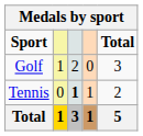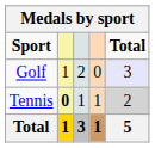 <table class="wikitable" style="font-size:85%; float:right;">
 <tr style="background:#efefef;">
 <th colspan=7><strong>Medals by sport</strong></th>
 </tr>
 <tr align=center>
 <td><strong>Sport</strong></td>
 <td style="background:#f7f6a8;"></td>
 <td style="background:#dce5e5;"></td>
 <td style="background:#ffdab9;"></td>
 <td><strong>Total</strong></td>
 </tr>
 <tr align=center>
 <td><a href='#'>Golf</a></td>
 <td style="background:#f7f6a8;">1</td>
 <td style="background:#dce5e5;">2</td>
 <td style="background:#ffdab9;">0</td>
-<td>3</td>
+<td style="background: lavender;">3</td>
 </tr>
 <tr align=center>
 <td><a href='#'>Tennis</a></td>
-<td style="background:#f7f6a8;">0</td>
-<td style="background:#dce5e5;"><strong>1</strong></td>
+<td style="background:#f7f6a8;"><strong>0</strong></td>
+<td style="background:#dce5e5;">1</td>
 <td style="background:#ffdab9;">1</td>
-<td>2</td>
+<td style="background: lightgrey;">2</td>
 </tr>
 <tr align=center>
 <th><strong>Total</strong></th>
 <th style="background:gold;"><strong>1</strong></th>
 <th style="background:silver;"><strong>3</strong></th>
 <th style="background:#c96;"><strong>1</strong></th>
 <th><strong>5</strong></th>
 </tr>
 </table>
